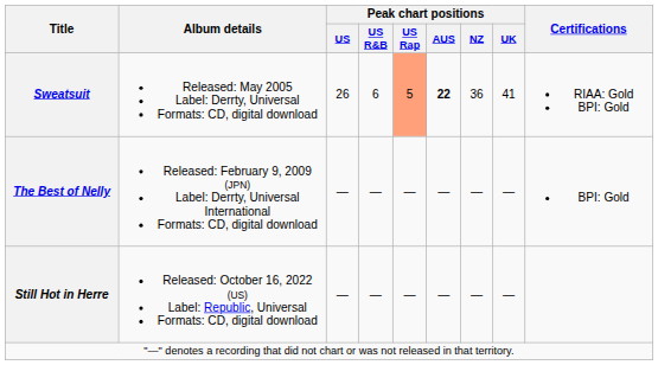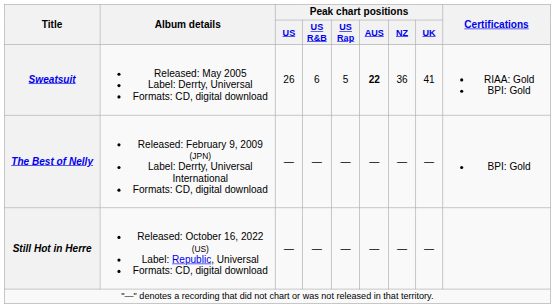 <table class="wikitable plainrowheaders" style="text-align:center;" border="1">
 <tr>
 <th scope="col" rowspan="2" style="width:11em;">Title</th>
 <th scope="col" rowspan="2" style="width:20em;">Album details</th>
 <th scope="col" colspan="6">Peak chart positions</th>
 <th scope="col" rowspan="2" style="width:12em;"><a href='#'>Certifications</a></th>
 </tr>
 <tr>
 <th scope="col" style="width:3em;font-size:90%;"><a href='#'>US</a><br></th>
 <th scope="col" style="width:3em;font-size:90%;"><a href='#'>US<br>R&B</a><br></th>
 <th scope="col" style="width:3em;font-size:90%;"><a href='#'>US<br>Rap</a><br></th>
 <th scope="col" style="width:3em;font-size:90%;"><a href='#'>AUS</a><br></th>
 <th scope="col" style="width:3em;font-size:90%;"><a href='#'>NZ</a><br></th>
 <th scope="col" style="width:3em;font-size:90%;"><a href='#'>UK</a><br></th>
 </tr>
 <tr>
 <th scope="row"><em><a href='#'>Sweatsuit</a></em></th>
 <td><br><ul><li>Released: May 2005</li><li>Label: Derrty, Universal</li><li>Formats: CD, digital download</li></ul></td>
 <td>26</td>
 <td>6</td>
-<td style="background: lightsalmon;">5</td>
+<td>5</td>
 <td><strong>22</strong></td>
 <td>36</td>
 <td>41</td>
 <td><br><ul><li>RIAA: Gold</li><li>BPI: Gold</li></ul></td>
 </tr>
 <tr>
 <th scope="row"><em><a href='#'>The Best of Nelly</a></em></th>
 <td><br><ul><li>Released: February 9, 2009 <small>(JPN)</small></li><li>Label: Derrty, Universal International</li><li>Formats: CD, digital download</li></ul></td>
 <td>—</td>
 <td>—</td>
 <td>—</td>
 <td>—</td>
 <td>—</td>
 <td>—</td>
 <td><br><ul><li>BPI: Gold</li></ul></td>
 </tr>
 <tr>
 <th scope="row"><em>Still Hot in Herre</em></th>
 <td><br><ul><li>Released: October 16, 2022 <small>(US)</small></li><li>Label: <a href='#'>Republic</a>, Universal</li><li>Formats: CD, digital download</li></ul></td>
 <td>—</td>
 <td>—</td>
 <td>—</td>
 <td>—</td>
 <td>—</td>
 <td>—</td>
 <td></td>
 </tr>
 <tr>
 <td colspan="14" style="font-size:90%">"—" denotes a recording that did not chart or was not released in that territory.</td>
 </tr>
 </table>
